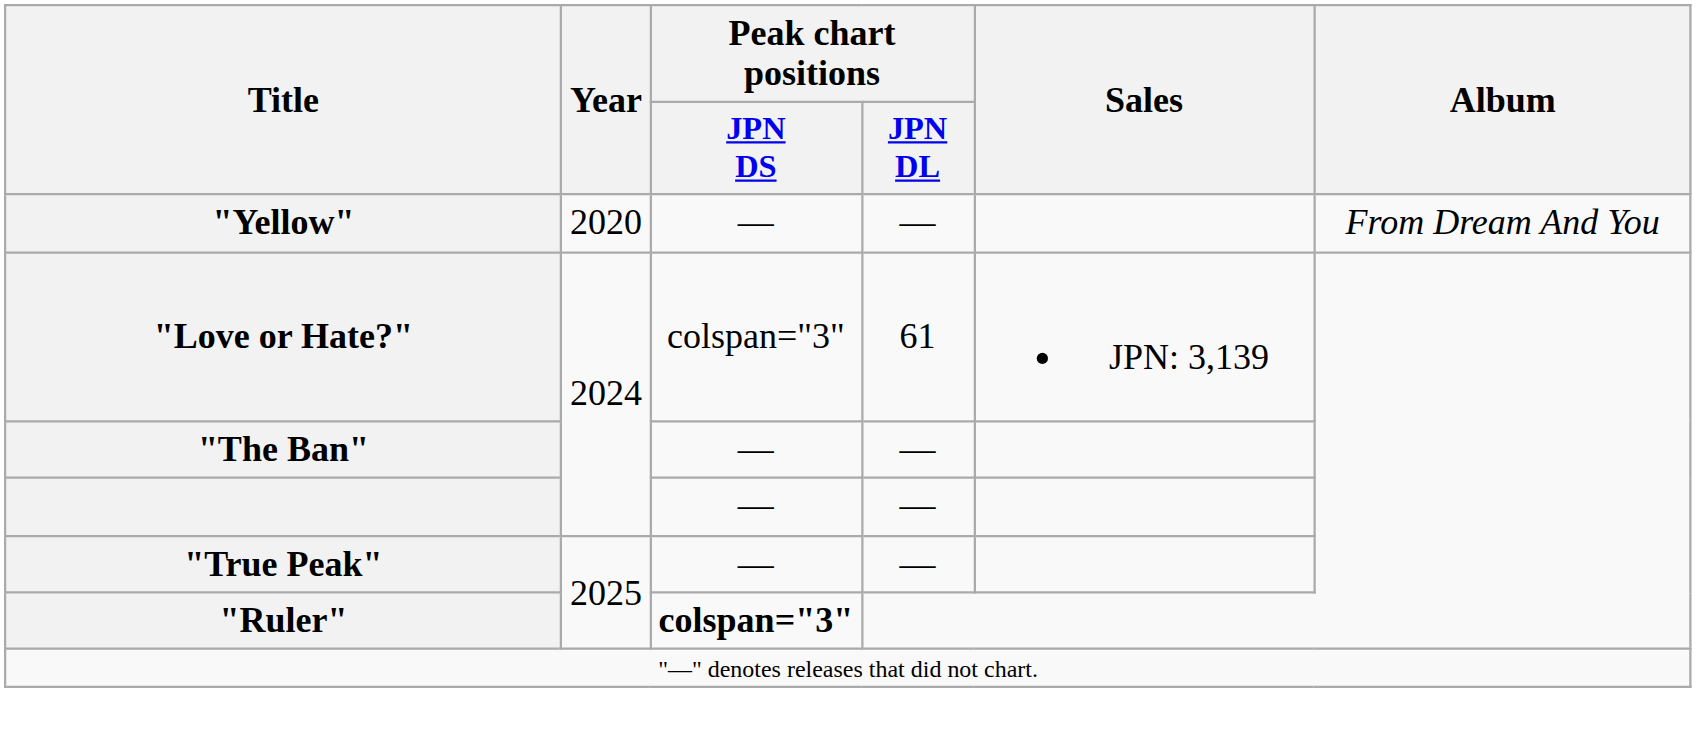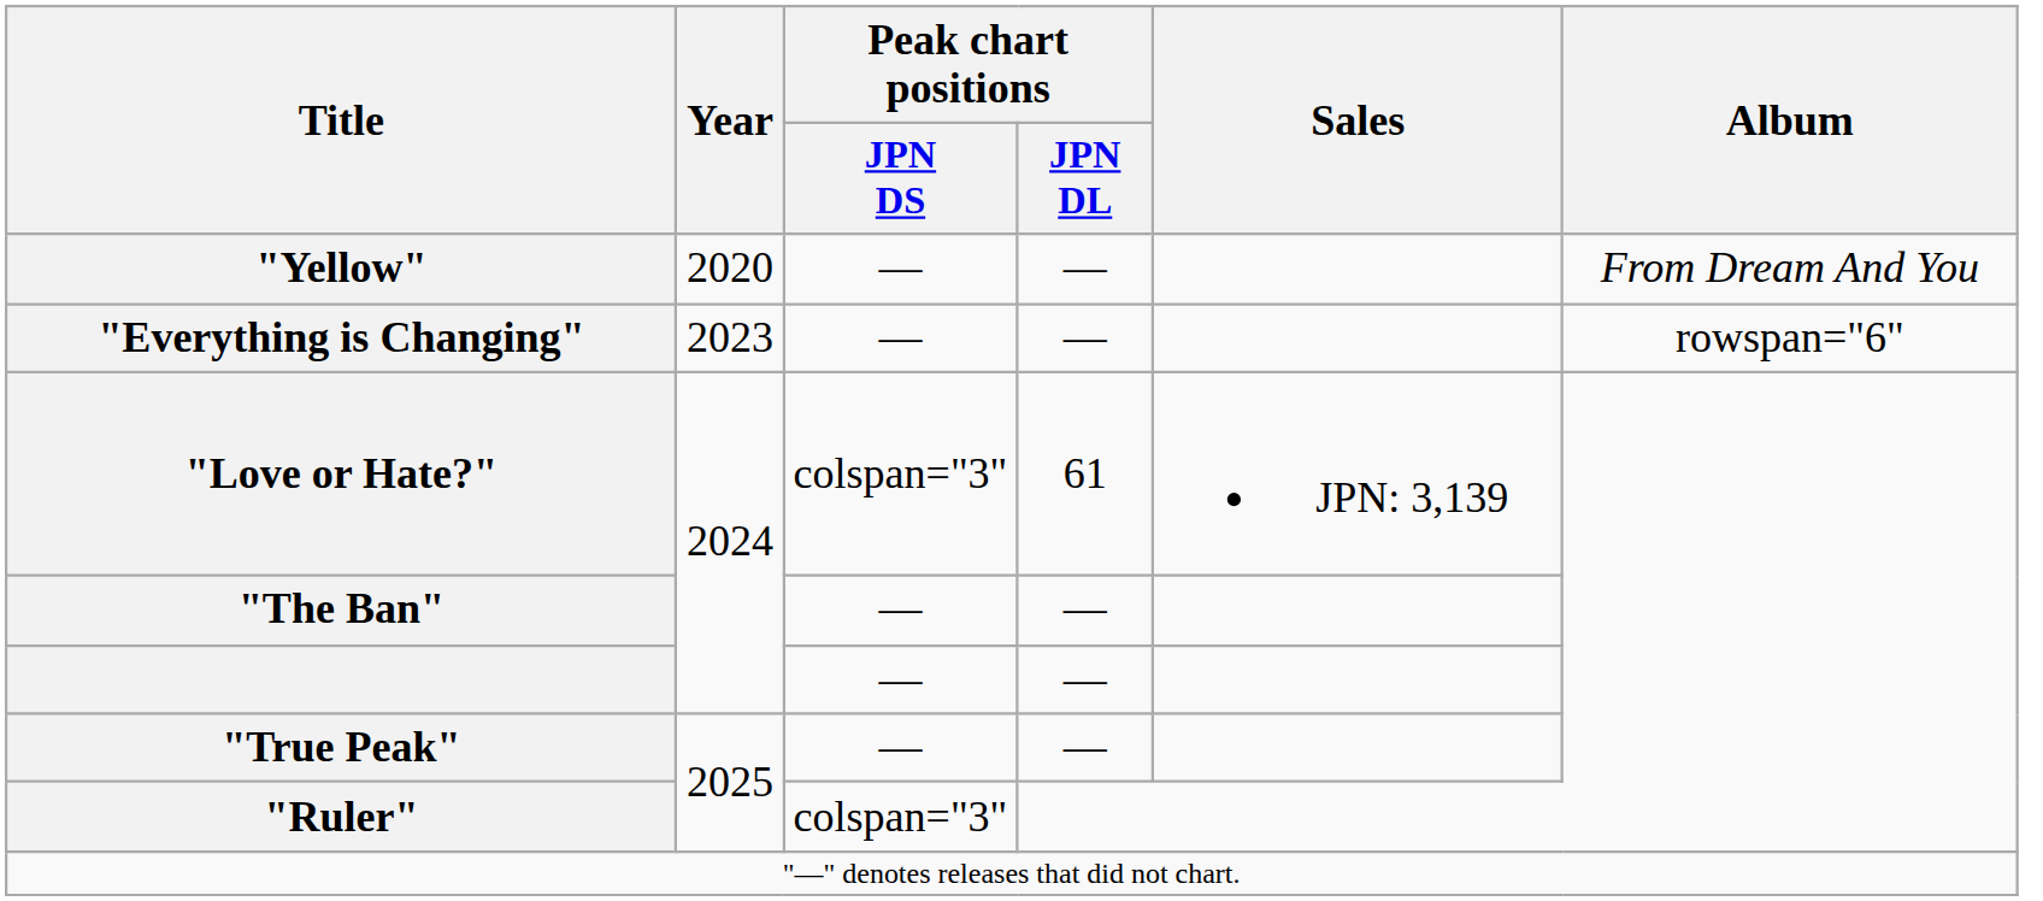 <table class="wikitable plainrowheaders" style="text-align:center;">
 <tr>
 <th scope="col" rowspan="2" style="width:15em;">Title</th>
 <th scope="col" rowspan="2" style="width:1em;">Year</th>
 <th scope="col" colspan="2">Peak chart<br>positions</th>
 <th scope="col" rowspan="2" style="width:9em;">Sales<br></th>
 <th scope="col" rowspan="2" style="width:10em;">Album</th>
 </tr>
 <tr>
 <th scope="col" style="width:3em;font-size:90%;"><a href='#'>JPN<br>DS</a><br></th>
 <th scope="col" style="width:3em;font-size:90%;"><a href='#'>JPN<br>DL</a><br></th>
 </tr>
 <tr>
 <th scope="row">"Yellow"</th>
 <td>2020</td>
 <td>—</td>
 <td>—</td>
 <td></td>
 <td><em>From Dream And You</em></td>
+</tr>
+<tr>
+<th scope="row">"Everything is Changing"</th>
+<td>2023</td>
+<td>—</td>
+<td>—</td>
+<td></td>
+<td>rowspan="6" </td>
 </tr>
 <tr>
 <th scope="row">"Love or Hate?"</th>
 <td rowspan="3">2024</td>
 <td>colspan="3" </td>
 <td>61</td>
 <td><br><ul><li>JPN: 3,139</li></ul></td>
 </tr>
 <tr>
 <th scope="row">"The Ban"</th>
 <td>—</td>
 <td>—</td>
 <td></td>
 </tr>
 <tr>
 <th scope="row"></th>
 <td>—</td>
 <td>—</td>
 <td></td>
 </tr>
 <tr>
 <th scope="row">"True Peak"</th>
 <td rowspan="2">2025</td>
 <td>—</td>
 <td>—</td>
 <td></td>
 </tr>
 <tr>
 <th scope="row">"Ruler"</th>
-<td><strong>colspan="3" </strong></td>
+<td>colspan="3" </td>
 </tr>
 <tr>
 <td colspan="6" style="font-size: 8pt">"—" denotes releases that did not chart.</td>
 </tr>
 </table>
